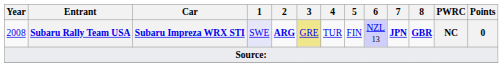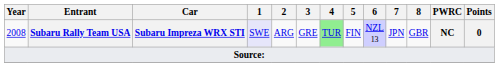 <table class="wikitable" style="text-align:center; font-size:85%">
 <tr>
 <th>Year</th>
 <th>Entrant</th>
 <th>Car</th>
 <th>1</th>
 <th>2</th>
 <th>3</th>
 <th>4</th>
 <th>5</th>
 <th>6</th>
 <th>7</th>
 <th>8</th>
 <th>PWRC</th>
 <th>Points</th>
 </tr>
 <tr>
 <td><a href='#'>2008</a></td>
 <th nowrap><a href='#'>Subaru Rally Team USA</a></th>
 <th nowrap><a href='#'>Subaru Impreza WRX STI</a></th>
 <td style="background: lavender;"><a href='#'>SWE</a></td>
-<td><strong><a href='#'>ARG</a></strong></td>
-<td style="background: khaki;"><a href='#'>GRE</a></td>
-<td><a href='#'>TUR</a></td>
+<td><a href='#'>ARG</a></td>
+<td><a href='#'>GRE</a></td>
+<td style="background: lightgreen;"><a href='#'>TUR</a></td>
 <td><a href='#'>FIN</a></td>
 <td style="background:#cfcfff;"><a href='#'>NZL</a><br><small>13</small></td>
-<td><strong><a href='#'>JPN</a></strong></td>
-<td><strong><a href='#'>GBR</a></strong></td>
+<td><a href='#'>JPN</a></td>
+<td><a href='#'>GBR</a></td>
 <th>NC</th>
 <th>0</th>
 </tr>
 <tr>
 <td colspan="13" style="background-color:#EAECF0;text-align:center"><strong>Source:</strong></td>
 </tr>
 <tr>
 </tr>
 </table>
